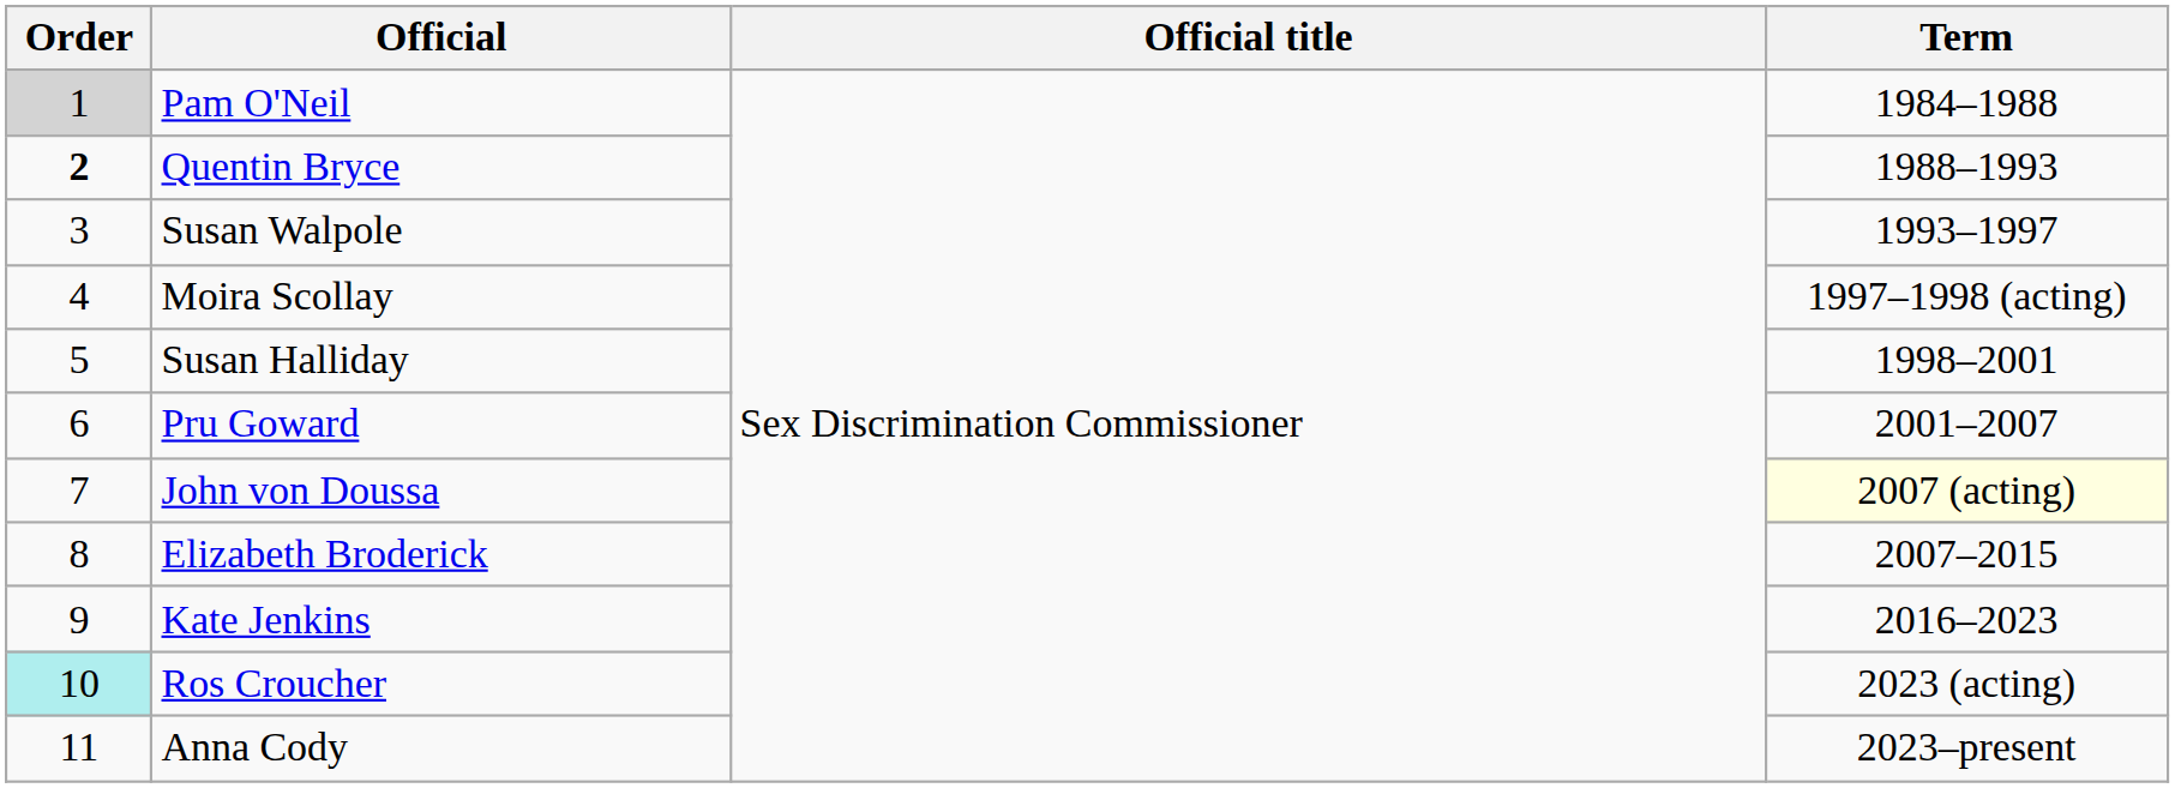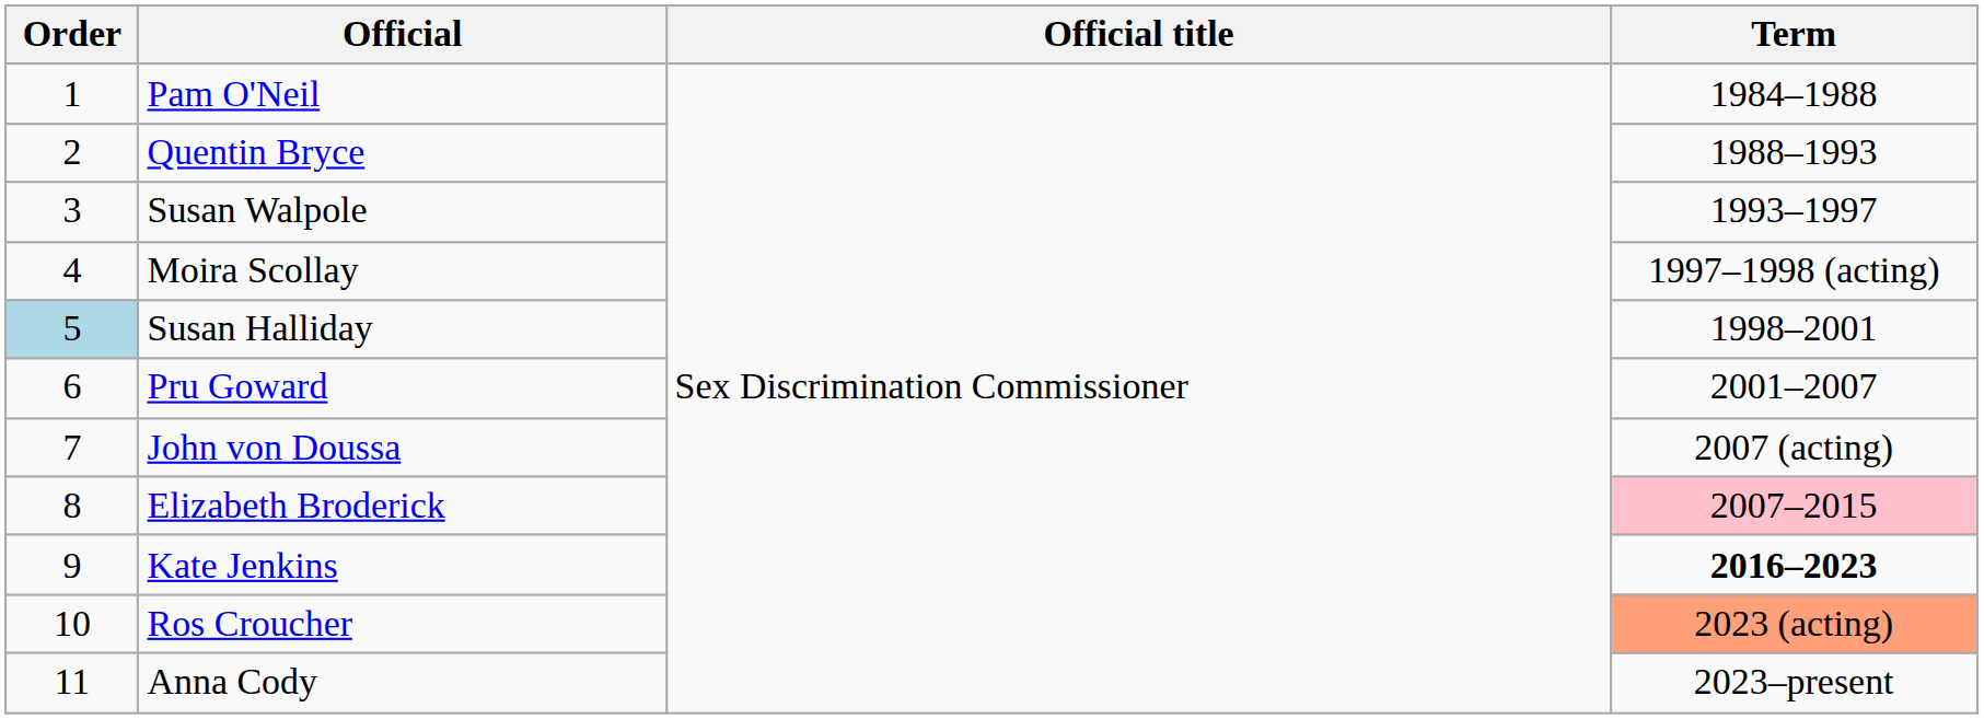 <table class="wikitable">
 <tr>
 <th width=50>Order</th>
 <th width=220>Official</th>
 <th width=400>Official title</th>
 <th width=150>Term</th>
 </tr>
 <tr>
-<td align=center style="background: lightgrey;">1</td>
+<td align=center>1</td>
 <td><a href='#'>Pam O'Neil</a></td>
 <td rowspan=11>Sex Discrimination Commissioner</td>
 <td align=center>1984–1988</td>
 </tr>
 <tr>
-<td align=center><strong>2</strong></td>
+<td align=center>2</td>
 <td><a href='#'>Quentin Bryce</a></td>
 <td align=center>1988–1993</td>
 </tr>
 <tr>
 <td align=center>3</td>
 <td>Susan Walpole</td>
 <td align=center>1993–1997</td>
 </tr>
 <tr>
 <td align=center>4</td>
 <td>Moira Scollay</td>
 <td align=center>1997–1998 (acting)</td>
 </tr>
 <tr>
-<td align=center>5</td>
+<td align=center style="background: lightblue;">5</td>
 <td>Susan Halliday</td>
 <td align=center>1998–2001</td>
 </tr>
 <tr>
 <td align=center>6</td>
 <td><a href='#'>Pru Goward</a></td>
 <td align=center>2001–2007</td>
 </tr>
 <tr>
 <td align="center">7</td>
 <td><a href='#'>John von Doussa</a></td>
-<td align=center style="background: lightyellow;">2007 (acting)</td>
+<td align=center>2007 (acting)</td>
 </tr>
 <tr>
 <td align="center">8</td>
 <td><a href='#'>Elizabeth Broderick</a></td>
-<td align=center>2007–2015</td>
+<td align=center style="background: pink;">2007–2015</td>
 </tr>
 <tr>
 <td align="center">9</td>
 <td><a href='#'>Kate Jenkins</a></td>
-<td align=center>2016–2023</td>
+<td align=center><strong>2016–2023</strong></td>
 </tr>
 <tr>
-<td align="center" style="background: paleturquoise;">10</td>
+<td align="center">10</td>
 <td><a href='#'>Ros Croucher</a></td>
-<td align=center>2023 (acting)</td>
+<td align=center style="background: lightsalmon;">2023 (acting)</td>
 </tr>
 <tr>
 <td align="center">11</td>
 <td>Anna Cody</td>
 <td align=center>2023–present</td>
 </tr>
 </table>
